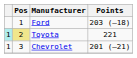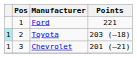 <table class="wikitable" style="font-size: 95%">
 <tr>
 <th></th>
 <th>Pos</th>
 <th>Manufacturer</th>
 <th>Points</th>
 </tr>
 <tr>
 <td align="left"></td>
 <td style="text-align:center;">1</td>
 <td><a href='#'>Ford</a></td>
-<td style="text-align:center;">203 (–18)</td>
+<td style="text-align:center;">221</td>
 </tr>
 <tr>
 <td align="left" style="background: paleturquoise;"> 1</td>
-<td style="background: khaki; text-align:center;">2</td>
+<td style="text-align:center;">2</td>
 <td><a href='#'>Toyota</a></td>
-<td style="text-align:center;">221</td>
+<td style="text-align:center;">203 (–18)</td>
 </tr>
 <tr>
 <td align="left"> 1</td>
 <td style="text-align:center;">3</td>
 <td><a href='#'>Chevrolet</a></td>
 <td style="text-align:center;">201 (–21)</td>
 </tr>
 <tr class="sortbottom">
 </tr>
 </table>
